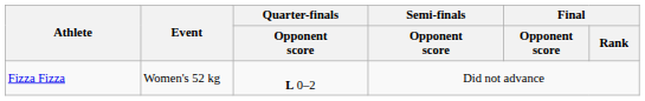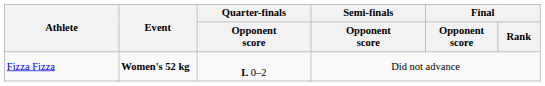 <table class="wikitable" style="font-size:90%; text-align:center">
 <tr>
 <th rowspan="2" width="150">Athlete</th>
 <th rowspan="2" width="100">Event</th>
 <th width="150">Quarter-finals</th>
 <th width="150">Semi-finals</th>
 <th colspan="2" width="150">Final</th>
 </tr>
 <tr>
 <th>Opponent<br>score</th>
 <th>Opponent<br>score</th>
 <th>Opponent<br>score</th>
 <th>Rank</th>
 </tr>
 <tr>
 <td align="left"><a href='#'>Fizza Fizza</a></td>
-<td align="left">Women's 52 kg</td>
+<td align="left"><strong>Women's 52 kg</strong></td>
 <td><br><strong>L</strong> 0–2</td>
 <td colspan="3">Did not advance</td>
 </tr>
 </table>
